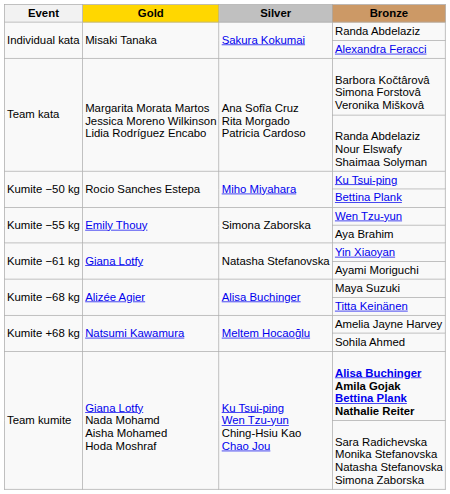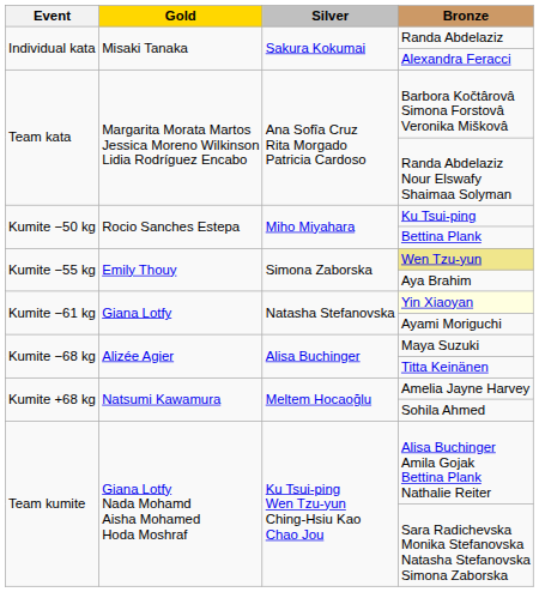 <table class="wikitable">
 <tr>
 <th>Event</th>
 <th style="background-color:gold">Gold</th>
 <th style="background-color:silver">Silver</th>
 <th style="background-color:#CC9966">Bronze</th>
 </tr>
 <tr>
 <td rowspan="2">Individual kata</td>
 <td rowspan="2">Misaki Tanaka<br></td>
 <td rowspan="2"><a href='#'>Sakura Kokumai</a><br></td>
 <td>Randa Abdelaziz<br></td>
 </tr>
 <tr>
 <td><a href='#'>Alexandra Feracci</a><br></td>
 </tr>
 <tr>
 <td rowspan="2">Team kata</td>
 <td rowspan="2"><br>Margarita Morata Martos<br>Jessica Moreno Wilkinson<br>Lidia Rodríguez Encabo</td>
 <td rowspan="2"><br>Ana Sofîa Cruz<br>Rita Morgado<br>Patricia Cardoso</td>
 <td><br>Barbora Kočtârovâ<br>Simona Forstovâ<br>Veronika Miškovâ</td>
 </tr>
 <tr>
 <td><br>Randa Abdelaziz<br>Nour Elswafy<br>Shaimaa Solyman</td>
 </tr>
 <tr>
 <td rowspan="2">Kumite −50 kg</td>
 <td rowspan="2">Rocio Sanches Estepa<br></td>
 <td rowspan="2"><a href='#'>Miho Miyahara</a><br></td>
 <td><a href='#'>Ku Tsui-ping</a><br></td>
 </tr>
 <tr>
 <td><a href='#'>Bettina Plank</a><br></td>
 </tr>
 <tr>
 <td rowspan="2">Kumite −55 kg</td>
 <td rowspan="2"><a href='#'>Emily Thouy</a><br></td>
 <td rowspan="2">Simona Zaborska<br></td>
-<td><a href='#'>Wen Tzu-yun</a><br></td>
+<td style="background: khaki;"><a href='#'>Wen Tzu-yun</a><br></td>
 </tr>
 <tr>
 <td>Aya Brahim<br></td>
 </tr>
 <tr>
 <td rowspan="2">Kumite −61 kg</td>
 <td rowspan="2"><a href='#'>Giana Lotfy</a><br></td>
 <td rowspan="2">Natasha Stefanovska<br></td>
-<td><a href='#'>Yin Xiaoyan</a><br></td>
+<td style="background: lightyellow;"><a href='#'>Yin Xiaoyan</a><br></td>
 </tr>
 <tr>
 <td>Ayami Moriguchi<br></td>
 </tr>
 <tr>
 <td rowspan="2">Kumite −68 kg</td>
 <td rowspan="2"><a href='#'>Alizée Agier</a><br></td>
 <td rowspan="2"><a href='#'>Alisa Buchinger</a><br></td>
 <td>Maya Suzuki<br></td>
 </tr>
 <tr>
 <td><a href='#'>Titta Keinänen</a><br></td>
 </tr>
 <tr>
 <td rowspan="2">Kumite +68 kg</td>
 <td rowspan="2"><a href='#'>Natsumi Kawamura</a><br></td>
 <td rowspan="2"><a href='#'>Meltem Hocaoğlu</a><br></td>
 <td>Amelia Jayne Harvey<br></td>
 </tr>
 <tr>
 <td>Sohila Ahmed<br></td>
 </tr>
 <tr>
 <td rowspan="2">Team kumite</td>
 <td rowspan="2"><br><a href='#'>Giana Lotfy</a><br>Nada Mohamd<br>Aisha Mohamed<br>Hoda Moshraf</td>
 <td rowspan="2"><br><a href='#'>Ku Tsui-ping</a><br><a href='#'>Wen Tzu-yun</a><br>Ching-Hsiu Kao<br><a href='#'>Chao Jou</a></td>
-<td><strong><br><a href='#'>Alisa Buchinger</a><br>Amila Gojak<br><a href='#'>Bettina Plank</a><br>Nathalie Reiter</strong></td>
+<td><br><a href='#'>Alisa Buchinger</a><br>Amila Gojak<br><a href='#'>Bettina Plank</a><br>Nathalie Reiter</td>
 </tr>
 <tr>
 <td><br>Sara Radichevska<br>Monika Stefanovska<br>Natasha Stefanovska<br>Simona Zaborska</td>
 </tr>
 </table>
